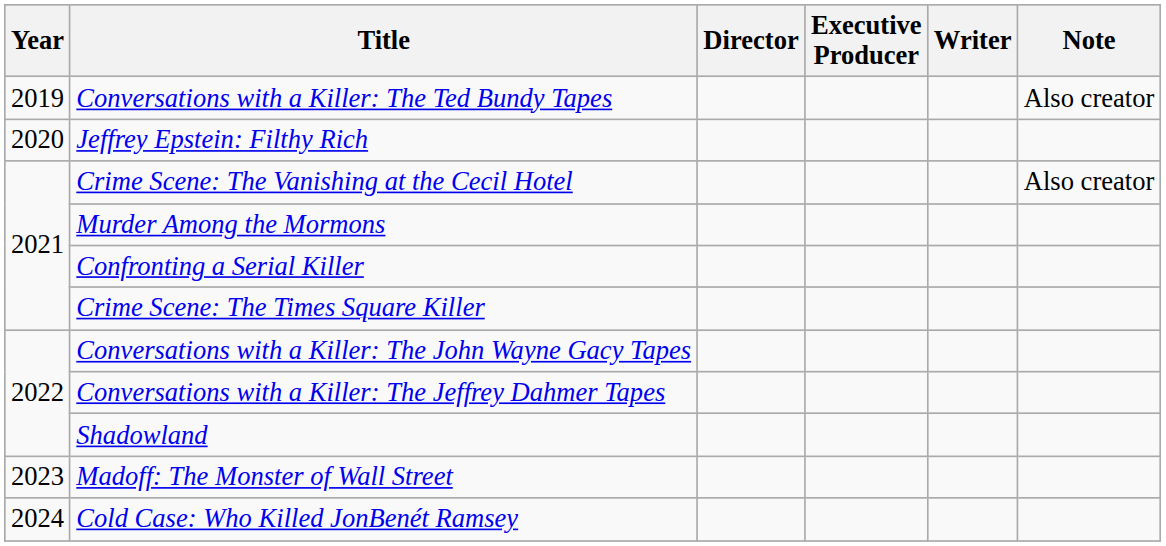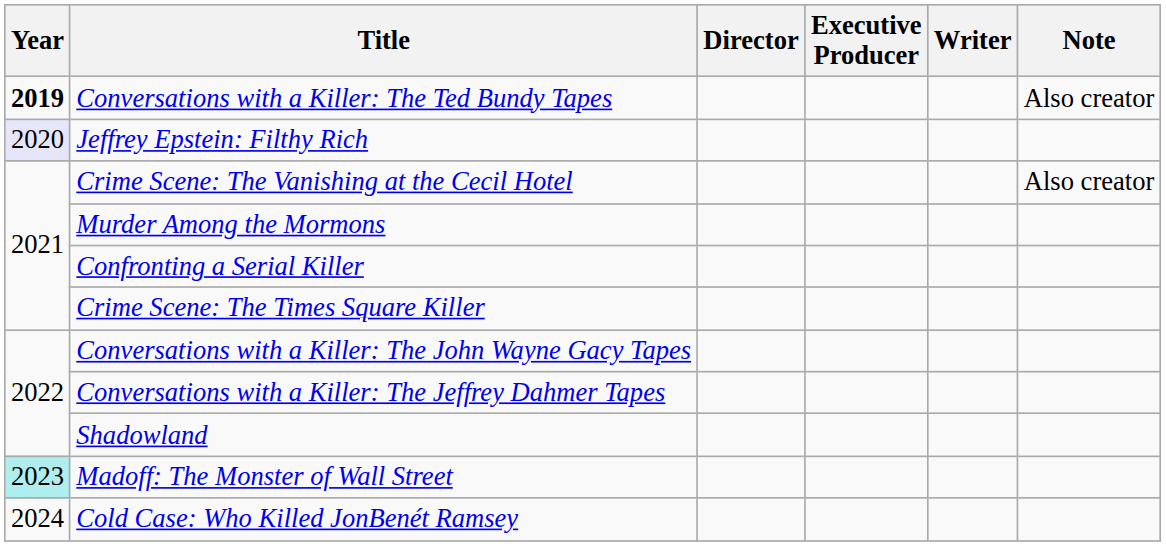 <table class="wikitable">
 <tr>
 <th>Year</th>
 <th>Title</th>
 <th>Director</th>
 <th>Executive<br>Producer</th>
 <th>Writer</th>
 <th>Note</th>
 </tr>
 <tr>
-<td>2019</td>
+<td><strong>2019</strong></td>
 <td><em><a href='#'>Conversations with a Killer: The Ted Bundy Tapes</a></em></td>
 <td></td>
 <td></td>
 <td></td>
 <td>Also creator</td>
 </tr>
 <tr>
-<td>2020</td>
+<td style="background: lavender;">2020</td>
 <td><em><a href='#'>Jeffrey Epstein: Filthy Rich</a></em></td>
 <td></td>
 <td></td>
 <td></td>
 <td></td>
 </tr>
 <tr>
 <td rowspan=4>2021</td>
 <td><em><a href='#'>Crime Scene: The Vanishing at the Cecil Hotel</a></em></td>
 <td></td>
 <td></td>
 <td></td>
 <td>Also creator</td>
 </tr>
 <tr>
 <td><em><a href='#'>Murder Among the Mormons</a></em></td>
 <td></td>
 <td></td>
 <td></td>
 <td></td>
 </tr>
 <tr>
 <td><em><a href='#'>Confronting a Serial Killer</a></em></td>
 <td></td>
 <td></td>
 <td></td>
 <td></td>
 </tr>
 <tr>
 <td><em><a href='#'>Crime Scene: The Times Square Killer</a></em></td>
 <td></td>
 <td></td>
 <td></td>
 <td></td>
 </tr>
 <tr>
 <td rowspan="3">2022</td>
 <td><em><a href='#'>Conversations with a Killer: The John Wayne Gacy Tapes</a></em></td>
 <td></td>
 <td></td>
 <td></td>
 <td></td>
 </tr>
 <tr>
 <td><em><a href='#'>Conversations with a Killer: The Jeffrey Dahmer Tapes</a></em></td>
 <td></td>
 <td></td>
 <td></td>
 <td></td>
 </tr>
 <tr>
 <td><em><a href='#'>Shadowland</a></em></td>
 <td></td>
 <td></td>
 <td></td>
 <td></td>
 </tr>
 <tr>
-<td>2023</td>
+<td style="background: paleturquoise;">2023</td>
 <td><em><a href='#'>Madoff: The Monster of Wall Street</a></em></td>
 <td></td>
 <td></td>
 <td></td>
 <td></td>
 </tr>
 <tr>
 <td>2024</td>
 <td><em><a href='#'>Cold Case: Who Killed JonBenét Ramsey</a></em></td>
 <td></td>
 <td></td>
 <td></td>
 <td></td>
 </tr>
 </table>
